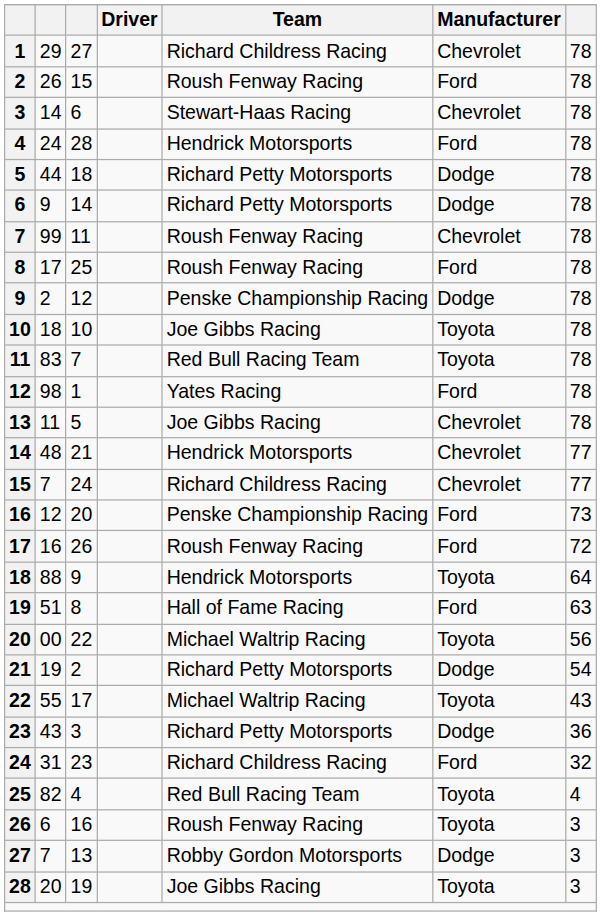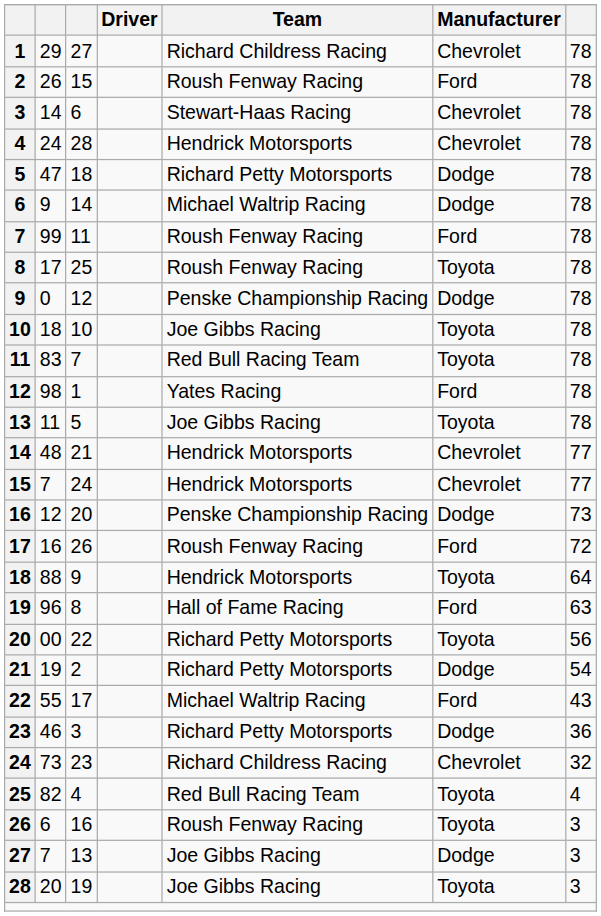 <table class="wikitable sortable" border="1">
 <tr>
 </tr>
 <tr>
 <th scope="col"></th>
 <th scope="col"></th>
 <th scope="col"></th>
 <th scope="col">Driver</th>
 <th scope="col">Team</th>
 <th scope="col">Manufacturer</th>
 <th scope="col"></th>
 </tr>
 <tr>
 <th scope="row">1</th>
 <td>29</td>
 <td>27</td>
 <td></td>
 <td>Richard Childress Racing</td>
 <td>Chevrolet</td>
 <td>78</td>
 </tr>
 <tr>
 <th scope="row">2</th>
 <td>26</td>
 <td>15</td>
 <td></td>
 <td>Roush Fenway Racing</td>
 <td>Ford</td>
 <td>78</td>
 </tr>
 <tr>
 <th scope="row">3</th>
 <td>14</td>
 <td>6</td>
 <td></td>
 <td>Stewart-Haas Racing</td>
 <td>Chevrolet</td>
 <td>78</td>
 </tr>
 <tr>
 <th scope="row">4</th>
 <td>24</td>
 <td>28</td>
 <td></td>
 <td>Hendrick Motorsports</td>
-<td>Ford</td>
+<td>Chevrolet</td>
 <td>78</td>
 </tr>
 <tr>
 <th scope="row">5</th>
-<td>44</td>
+<td>47</td>
 <td>18</td>
 <td></td>
 <td>Richard Petty Motorsports</td>
 <td>Dodge</td>
 <td>78</td>
 </tr>
 <tr>
 <th scope="row">6</th>
 <td>9</td>
 <td>14</td>
 <td></td>
-<td>Richard Petty Motorsports</td>
+<td>Michael Waltrip Racing</td>
 <td>Dodge</td>
 <td>78</td>
 </tr>
 <tr>
 <th scope="row">7</th>
 <td>99</td>
 <td>11</td>
 <td></td>
 <td>Roush Fenway Racing</td>
-<td>Chevrolet</td>
+<td>Ford</td>
 <td>78</td>
 </tr>
 <tr>
 <th scope="row">8</th>
 <td>17</td>
 <td>25</td>
 <td></td>
 <td>Roush Fenway Racing</td>
-<td>Ford</td>
+<td>Toyota</td>
 <td>78</td>
 </tr>
 <tr>
 <th scope="row">9</th>
-<td>2</td>
+<td>0</td>
 <td>12</td>
 <td></td>
 <td>Penske Championship Racing</td>
 <td>Dodge</td>
 <td>78</td>
 </tr>
 <tr>
 <th scope="row">10</th>
 <td>18</td>
 <td>10</td>
 <td></td>
 <td>Joe Gibbs Racing</td>
 <td>Toyota</td>
 <td>78</td>
 </tr>
 <tr>
 <th scope="row">11</th>
 <td>83</td>
 <td>7</td>
 <td></td>
 <td>Red Bull Racing Team</td>
 <td>Toyota</td>
 <td>78</td>
 </tr>
 <tr>
 <th scope="row">12</th>
 <td>98</td>
 <td>1</td>
 <td></td>
 <td>Yates Racing</td>
 <td>Ford</td>
 <td>78</td>
 </tr>
 <tr>
 <th scope="row">13</th>
 <td>11</td>
 <td>5</td>
 <td></td>
 <td>Joe Gibbs Racing</td>
-<td>Chevrolet</td>
+<td>Toyota</td>
 <td>78</td>
 </tr>
 <tr>
 <th scope="row">14</th>
 <td>48</td>
 <td>21</td>
 <td></td>
 <td>Hendrick Motorsports</td>
 <td>Chevrolet</td>
 <td>77</td>
 </tr>
 <tr>
 <th scope="row">15</th>
 <td>7</td>
 <td>24</td>
 <td></td>
-<td>Richard Childress Racing</td>
+<td>Hendrick Motorsports</td>
 <td>Chevrolet</td>
 <td>77</td>
 </tr>
 <tr>
 <th scope="row">16</th>
 <td>12</td>
 <td>20</td>
 <td></td>
 <td>Penske Championship Racing</td>
-<td>Ford</td>
+<td>Dodge</td>
 <td>73</td>
 </tr>
 <tr>
 <th scope="row">17</th>
 <td>16</td>
 <td>26</td>
 <td></td>
 <td>Roush Fenway Racing</td>
 <td>Ford</td>
 <td>72</td>
 </tr>
 <tr>
 <th scope="row">18</th>
 <td>88</td>
 <td>9</td>
 <td></td>
 <td>Hendrick Motorsports</td>
 <td>Toyota</td>
 <td>64</td>
 </tr>
 <tr>
 <th scope="row">19</th>
-<td>51</td>
+<td>96</td>
 <td>8</td>
 <td></td>
 <td>Hall of Fame Racing</td>
 <td>Ford</td>
 <td>63</td>
 </tr>
 <tr>
 <th scope="row">20</th>
 <td>00</td>
 <td>22</td>
 <td></td>
-<td>Michael Waltrip Racing</td>
+<td>Richard Petty Motorsports</td>
 <td>Toyota</td>
 <td>56</td>
 </tr>
 <tr>
 <th scope="row">21</th>
 <td>19</td>
 <td>2</td>
 <td></td>
 <td>Richard Petty Motorsports</td>
 <td>Dodge</td>
 <td>54</td>
 </tr>
 <tr>
 <th scope="row">22</th>
 <td>55</td>
 <td>17</td>
 <td></td>
 <td>Michael Waltrip Racing</td>
-<td>Toyota</td>
+<td>Ford</td>
 <td>43</td>
 </tr>
 <tr>
 <th scope="row">23</th>
-<td>43</td>
+<td>46</td>
 <td>3</td>
 <td></td>
 <td>Richard Petty Motorsports</td>
 <td>Dodge</td>
 <td>36</td>
 </tr>
 <tr>
 <th scope="row">24</th>
-<td>31</td>
+<td>73</td>
 <td>23</td>
 <td></td>
 <td>Richard Childress Racing</td>
-<td>Ford</td>
+<td>Chevrolet</td>
 <td>32</td>
 </tr>
 <tr>
 <th scope="row">25</th>
 <td>82</td>
 <td>4</td>
 <td></td>
 <td>Red Bull Racing Team</td>
 <td>Toyota</td>
 <td>4</td>
 </tr>
 <tr>
 <th scope="row">26</th>
 <td>6</td>
 <td>16</td>
 <td></td>
 <td>Roush Fenway Racing</td>
 <td>Toyota</td>
 <td>3</td>
 </tr>
 <tr>
 <th scope="row">27</th>
 <td>7</td>
 <td>13</td>
 <td></td>
-<td>Robby Gordon Motorsports</td>
+<td>Joe Gibbs Racing</td>
 <td>Dodge</td>
 <td>3</td>
 </tr>
 <tr>
 <th scope="row">28</th>
 <td>20</td>
 <td>19</td>
 <td></td>
 <td>Joe Gibbs Racing</td>
 <td>Toyota</td>
 <td>3</td>
 </tr>
 <tr class="sortbottom">
 <td colspan="9"></td>
 </tr>
 </table>
